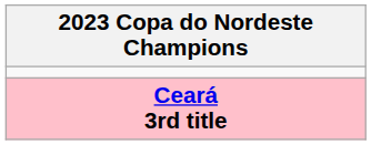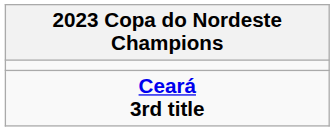 <table class="wikitable" style="text-align: center; margin: 0 auto; width: 20%">
 <tr>
 <th>2023 Copa do Nordeste<br>Champions</th>
 </tr>
 <tr>
 <td></td>
 </tr>
 <tr>
-<td style="background: pink;"><strong><a href='#'>Ceará</a></strong><br><strong>3rd title</strong></td>
+<td><strong><a href='#'>Ceará</a></strong><br><strong>3rd title</strong></td>
 </tr>
 </table>
